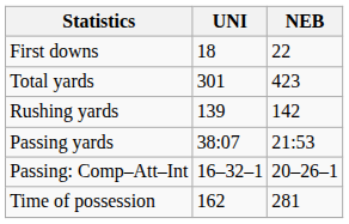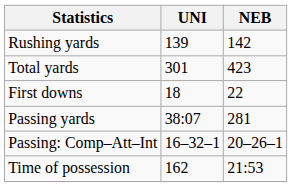 <table class="wikitable" style="float: left;">
 <tr>
 <th>Statistics</th>
 <th>UNI</th>
 <th>NEB</th>
 </tr>
 <tr>
-<td>First downs</td>
-<td>18</td>
-<td>22</td>
+<td>Rushing yards</td>
+<td>139</td>
+<td>142</td>
 </tr>
 <tr>
 <td>Total yards</td>
 <td>301</td>
 <td>423</td>
 </tr>
 <tr>
-<td>Rushing yards</td>
-<td>139</td>
-<td>142</td>
+<td>First downs</td>
+<td>18</td>
+<td>22</td>
 </tr>
 <tr>
 <td>Passing yards</td>
 <td>38:07</td>
-<td>21:53</td>
+<td>281</td>
 </tr>
 <tr>
 <td>Passing: Comp–Att–Int</td>
 <td>16–32–1</td>
 <td>20–26–1</td>
 </tr>
 <tr>
 <td>Time of possession</td>
 <td>162</td>
-<td>281</td>
+<td>21:53</td>
 </tr>
 <tr>
 </tr>
 </table>
